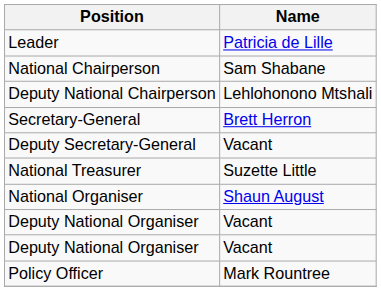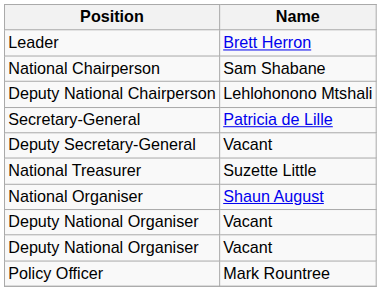 <table class="wikitable">
 <tr>
 <th>Position</th>
 <th>Name</th>
 </tr>
 <tr>
 <td>Leader</td>
-<td><a href='#'>Patricia de Lille</a></td>
+<td><a href='#'>Brett Herron</a></td>
 </tr>
 <tr>
 <td>National Chairperson</td>
 <td>Sam Shabane</td>
 </tr>
 <tr>
 <td>Deputy National Chairperson</td>
 <td>Lehlohonono Mtshali</td>
 </tr>
 <tr>
 <td>Secretary-General</td>
-<td><a href='#'>Brett Herron</a></td>
+<td><a href='#'>Patricia de Lille</a></td>
 </tr>
 <tr>
 <td>Deputy Secretary-General</td>
 <td>Vacant</td>
 </tr>
 <tr>
 <td>National Treasurer</td>
 <td>Suzette Little</td>
 </tr>
 <tr>
 <td>National Organiser</td>
 <td><a href='#'>Shaun August</a></td>
 </tr>
 <tr>
 <td>Deputy National Organiser</td>
 <td>Vacant</td>
 </tr>
 <tr>
 <td>Deputy National Organiser</td>
 <td>Vacant</td>
 </tr>
 <tr>
 <td>Policy Officer</td>
 <td>Mark Rountree</td>
 </tr>
 <tr>
 </tr>
 </table>
